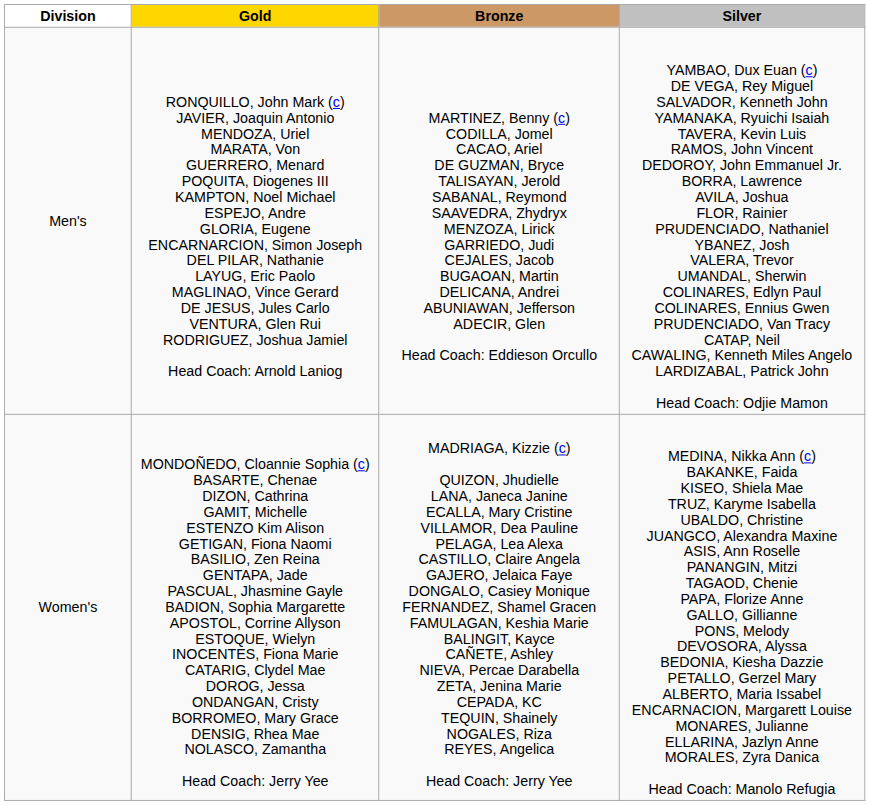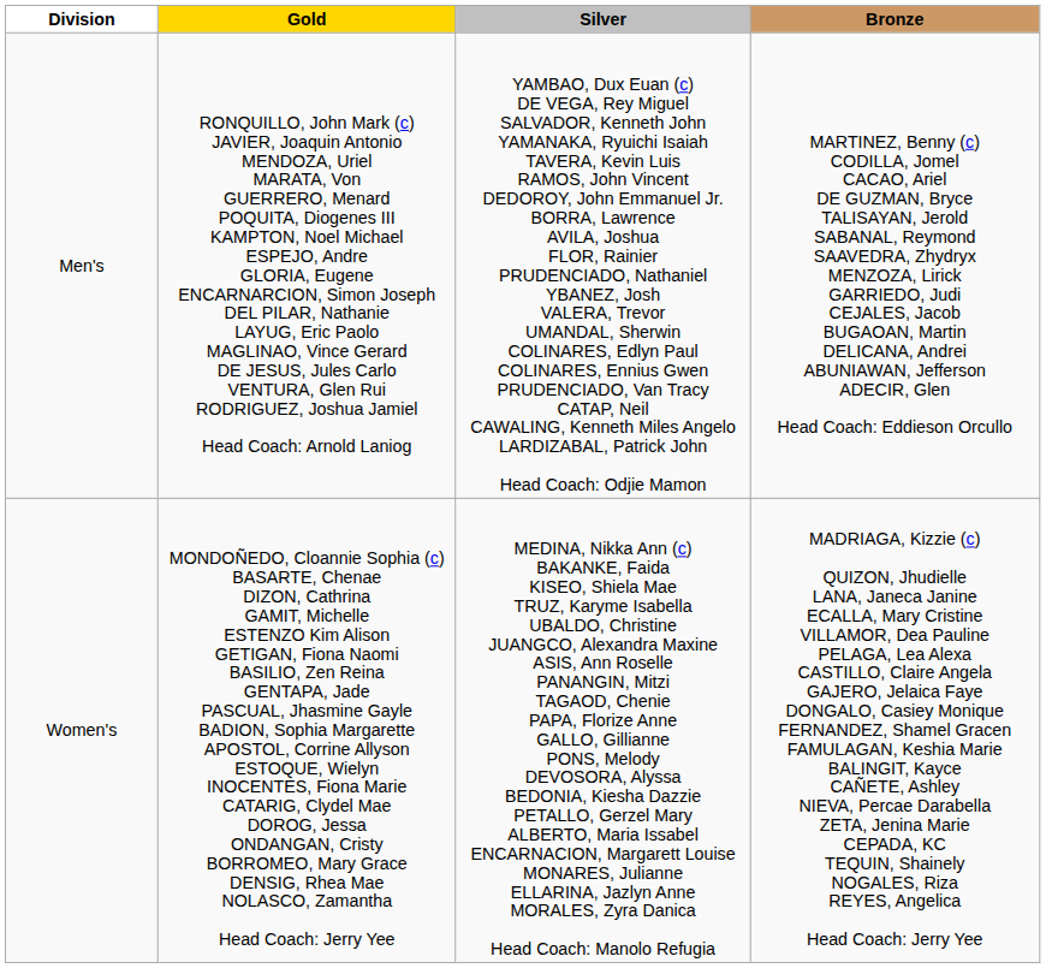 <table class="wikitable" style="text-align:center; font-size:90%">
 <tr>
 <td style="width:10em; background:white"><strong>Division</strong></td>
 <td style="width:20em; background:gold"><strong>Gold</strong></td>
+<td style="width:20em; background:silver"><strong>Silver</strong></td>
 <td style="width:20em; background:#cc9966"><strong>Bronze</strong></td>
-<td style="width:20em; background:silver"><strong>Silver</strong></td>
 </tr>
 <tr>
 <td>Men's</td>
 <td><strong></strong><br><br>RONQUILLO, John Mark (<a href='#'>c</a>)<br> JAVIER, Joaquin Antonio<br> MENDOZA, Uriel<br> MARATA, Von<br> GUERRERO, Menard<br> POQUITA, Diogenes III<br> KAMPTON, Noel Michael<br> ESPEJO, Andre<br> GLORIA, Eugene<br> ENCARNARCION, Simon Joseph<br> DEL PILAR, Nathanie<br> LAYUG, Eric Paolo<br> MAGLINAO, Vince Gerard<br> DE JESUS, Jules Carlo<br> VENTURA, Glen Rui<br> RODRIGUEZ, Joshua Jamiel<br><br>Head Coach: Arnold Laniog</td>
+<td><br><br>YAMBAO, Dux Euan (<a href='#'>c</a>)<br> DE VEGA, Rey Miguel<br> SALVADOR, Kenneth John<br> YAMANAKA, Ryuichi Isaiah<br> TAVERA, Kevin Luis<br> RAMOS, John Vincent<br> DEDOROY, John Emmanuel Jr.<br> BORRA, Lawrence<br> AVILA, Joshua<br> FLOR, Rainier<br> PRUDENCIADO, Nathaniel<br> YBANEZ, Josh<br> VALERA, Trevor<br> UMANDAL, Sherwin<br> COLINARES, Edlyn Paul<br> COLINARES, Ennius Gwen<br> PRUDENCIADO, Van Tracy<br> CATAP, Neil<br> CAWALING, Kenneth Miles Angelo<br> LARDIZABAL, Patrick John<br><br>Head Coach: Odjie Mamon</td>
 <td><br><br>MARTINEZ, Benny (<a href='#'>c</a>)<br> CODILLA, Jomel<br> CACAO, Ariel<br> DE GUZMAN, Bryce<br> TALISAYAN, Jerold<br> SABANAL, Reymond<br> SAAVEDRA, Zhydryx<br> MENZOZA, Lirick<br> GARRIEDO, Judi<br> CEJALES, Jacob<br> BUGAOAN, Martin<br> DELICANA, Andrei<br> ABUNIAWAN, Jefferson<br> ADECIR, Glen<br><br>Head Coach: Eddieson Orcullo</td>
-<td><br><br>YAMBAO, Dux Euan (<a href='#'>c</a>)<br> DE VEGA, Rey Miguel<br> SALVADOR, Kenneth John<br> YAMANAKA, Ryuichi Isaiah<br> TAVERA, Kevin Luis<br> RAMOS, John Vincent<br> DEDOROY, John Emmanuel Jr.<br> BORRA, Lawrence<br> AVILA, Joshua<br> FLOR, Rainier<br> PRUDENCIADO, Nathaniel<br> YBANEZ, Josh<br> VALERA, Trevor<br> UMANDAL, Sherwin<br> COLINARES, Edlyn Paul<br> COLINARES, Ennius Gwen<br> PRUDENCIADO, Van Tracy<br> CATAP, Neil<br> CAWALING, Kenneth Miles Angelo<br> LARDIZABAL, Patrick John<br><br>Head Coach: Odjie Mamon</td>
 </tr>
 <tr>
 <td>Women's</td>
 <td><strong></strong><br><br>MONDOÑEDO, Cloannie Sophia (<a href='#'>c</a>)<br> BASARTE, Chenae<br> DIZON, Cathrina<br> GAMIT, Michelle<br> ESTENZO Kim Alison<br> GETIGAN, Fiona Naomi<br> BASILIO, Zen Reina<br> GENTAPA, Jade<br> PASCUAL, Jhasmine Gayle<br> BADION, Sophia Margarette<br> APOSTOL, Corrine Allyson<br> ESTOQUE, Wielyn<br> INOCENTES, Fiona Marie<br> CATARIG, Clydel Mae<br> DOROG, Jessa<br> ONDANGAN, Cristy<br> BORROMEO, Mary Grace<br> DENSIG, Rhea Mae<br> NOLASCO, Zamantha<br><br>Head Coach: Jerry Yee</td>
+<td><br><br>MEDINA, Nikka Ann (<a href='#'>c</a>)<br> BAKANKE, Faida<br> KISEO, Shiela Mae<br> TRUZ, Karyme Isabella<br> UBALDO, Christine<br> JUANGCO, Alexandra Maxine<br> ASIS, Ann Roselle<br> PANANGIN, Mitzi<br> TAGAOD, Chenie<br> PAPA, Florize Anne<br> GALLO, Gillianne<br> PONS, Melody<br> DEVOSORA, Alyssa<br> BEDONIA, Kiesha Dazzie<br> PETALLO, Gerzel Mary<br> ALBERTO, Maria Issabel<br> ENCARNACION, Margarett Louise<br> MONARES, Julianne<br> ELLARINA, Jazlyn Anne<br> MORALES, Zyra Danica<br><br>Head Coach: Manolo Refugia</td>
 <td><br> MADRIAGA, Kizzie (<a href='#'>c</a>)<br><br>QUIZON, Jhudielle<br> LANA, Janeca Janine<br> ECALLA, Mary Cristine<br> VILLAMOR, Dea Pauline<br> PELAGA, Lea Alexa<br> CASTILLO, Claire Angela<br> GAJERO, Jelaica Faye<br> DONGALO, Casiey Monique<br> FERNANDEZ, Shamel Gracen<br> FAMULAGAN, Keshia Marie<br> BALINGIT, Kayce<br> CAÑETE, Ashley<br> NIEVA, Percae Darabella<br> ZETA, Jenina Marie<br> CEPADA, KC<br> TEQUIN, Shainely<br> NOGALES, Riza<br> REYES, Angelica<br><br>Head Coach: Jerry Yee</td>
-<td><br><br>MEDINA, Nikka Ann (<a href='#'>c</a>)<br> BAKANKE, Faida<br> KISEO, Shiela Mae<br> TRUZ, Karyme Isabella<br> UBALDO, Christine<br> JUANGCO, Alexandra Maxine<br> ASIS, Ann Roselle<br> PANANGIN, Mitzi<br> TAGAOD, Chenie<br> PAPA, Florize Anne<br> GALLO, Gillianne<br> PONS, Melody<br> DEVOSORA, Alyssa<br> BEDONIA, Kiesha Dazzie<br> PETALLO, Gerzel Mary<br> ALBERTO, Maria Issabel<br> ENCARNACION, Margarett Louise<br> MONARES, Julianne<br> ELLARINA, Jazlyn Anne<br> MORALES, Zyra Danica<br><br>Head Coach: Manolo Refugia</td>
 </tr>
 </table>
